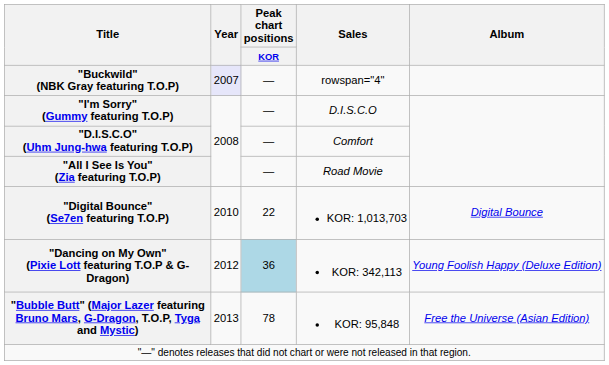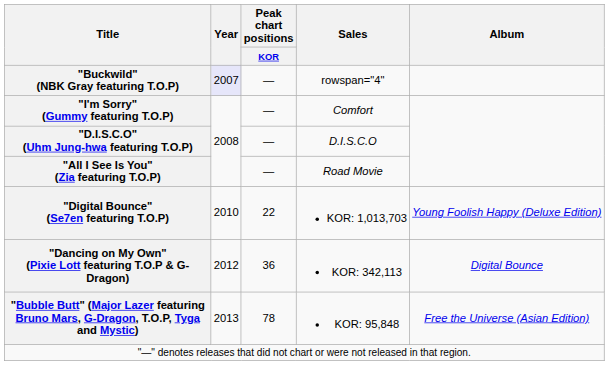 <table class="wikitable plainrowheaders" style="text-align:center;">
 <tr>
 <th rowspan=2 style="width:18em;">Title</th>
 <th rowspan=2>Year</th>
 <th colspan=1>Peak chart positions</th>
 <th rowspan=2>Sales</th>
 <th rowspan=2>Album</th>
 </tr>
 <tr>
 <th width=30><small><a href='#'>KOR</a><br></small></th>
 </tr>
 <tr>
 <th scope=row>"Buckwild"<br><span>(NBK Gray featuring T.O.P)</span></th>
 <td style="background: lavender;">2007</td>
 <td>—</td>
 <td>rowspan="4" </td>
 <td></td>
 </tr>
 <tr>
 <th scope=row>"I'm Sorry"<br><span>(<a href='#'>Gummy</a> featuring T.O.P)</span></th>
 <td rowspan=3>2008</td>
 <td>—</td>
-<td><em>D.I.S.C.O</em></td>
+<td><em>Comfort</em></td>
 </tr>
 <tr>
 <th scope=row>"D.I.S.C.O"<br><span>(<a href='#'>Uhm Jung-hwa</a> featuring T.O.P)</span></th>
 <td>—</td>
-<td><em>Comfort</em></td>
+<td><em>D.I.S.C.O</em></td>
 </tr>
 <tr>
 <th scope=row>"All I See Is You"<br><span>(<a href='#'>Zia</a> featuring T.O.P)</span></th>
 <td>—</td>
 <td><em>Road Movie</em></td>
 </tr>
 <tr>
 <th scope=row>"Digital Bounce"<br><span>(<a href='#'>Se7en</a> featuring T.O.P)</span></th>
 <td>2010</td>
 <td>22</td>
 <td><br><ul><li>KOR: 1,013,703</li></ul></td>
-<td><em><a href='#'>Digital Bounce</a></em></td>
+<td><em><a href='#'>Young Foolish Happy (Deluxe Edition)</a></em></td>
 </tr>
 <tr>
 <th scope=row>"Dancing on My Own"<br><span>(<a href='#'>Pixie Lott</a> featuring T.O.P & G-Dragon)</span></th>
 <td>2012</td>
-<td style="background: lightblue;">36</td>
+<td>36</td>
 <td><br><ul><li>KOR: 342,113</li></ul></td>
-<td><em><a href='#'>Young Foolish Happy (Deluxe Edition)</a></em></td>
+<td><em><a href='#'>Digital Bounce</a></em></td>
 </tr>
 <tr>
 <th scope=row>"<a href='#'>Bubble Butt</a>" <span>(<a href='#'>Major Lazer</a> featuring <a href='#'>Bruno Mars</a>, <a href='#'>G-Dragon</a>, T.O.P, <a href='#'>Tyga</a> and <a href='#'>Mystic</a>)</span></th>
 <td>2013</td>
 <td>78</td>
 <td><br><ul><li>KOR: 95,848</li></ul></td>
 <td><em><a href='#'>Free the Universe (Asian Edition)</a></em></td>
 </tr>
 <tr>
 <td colspan=6 style=font-size:90%>"—" denotes releases that did not chart or were not released in that region.</td>
 </tr>
 </table>
